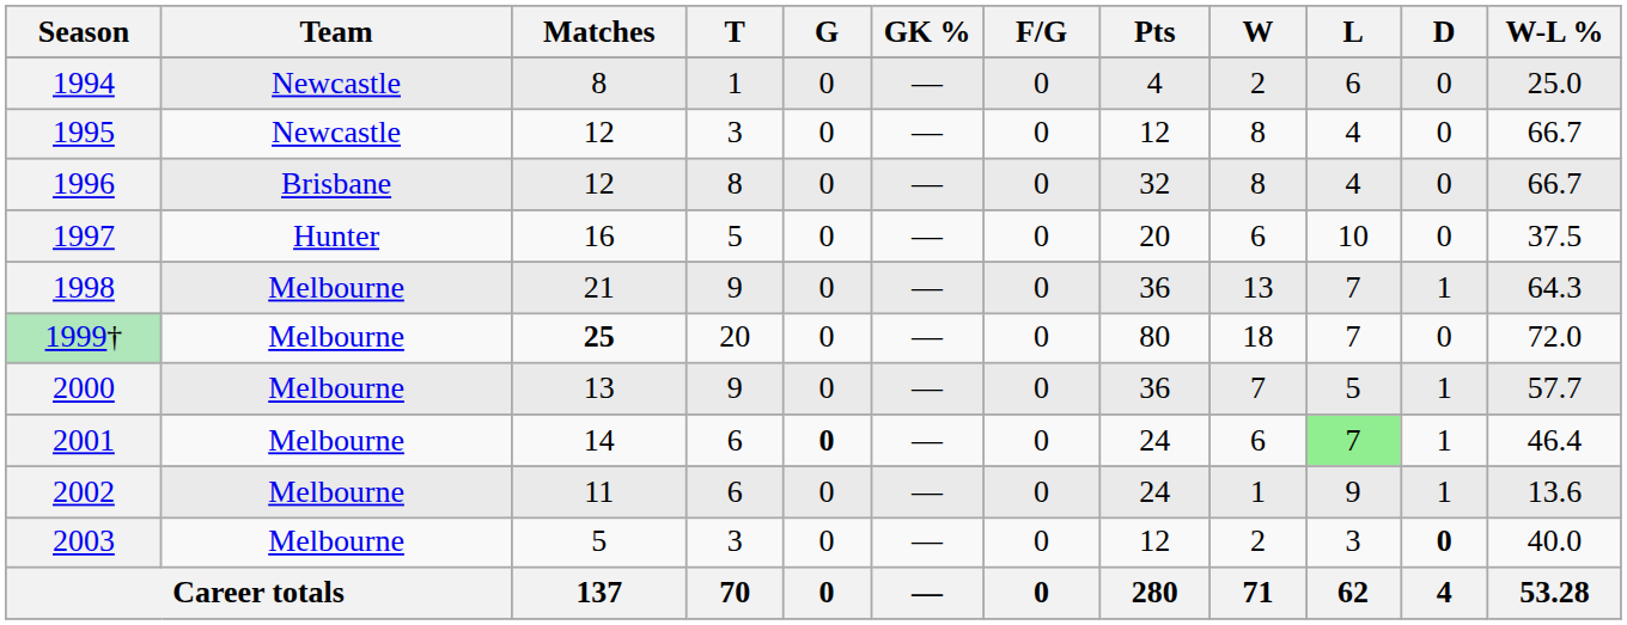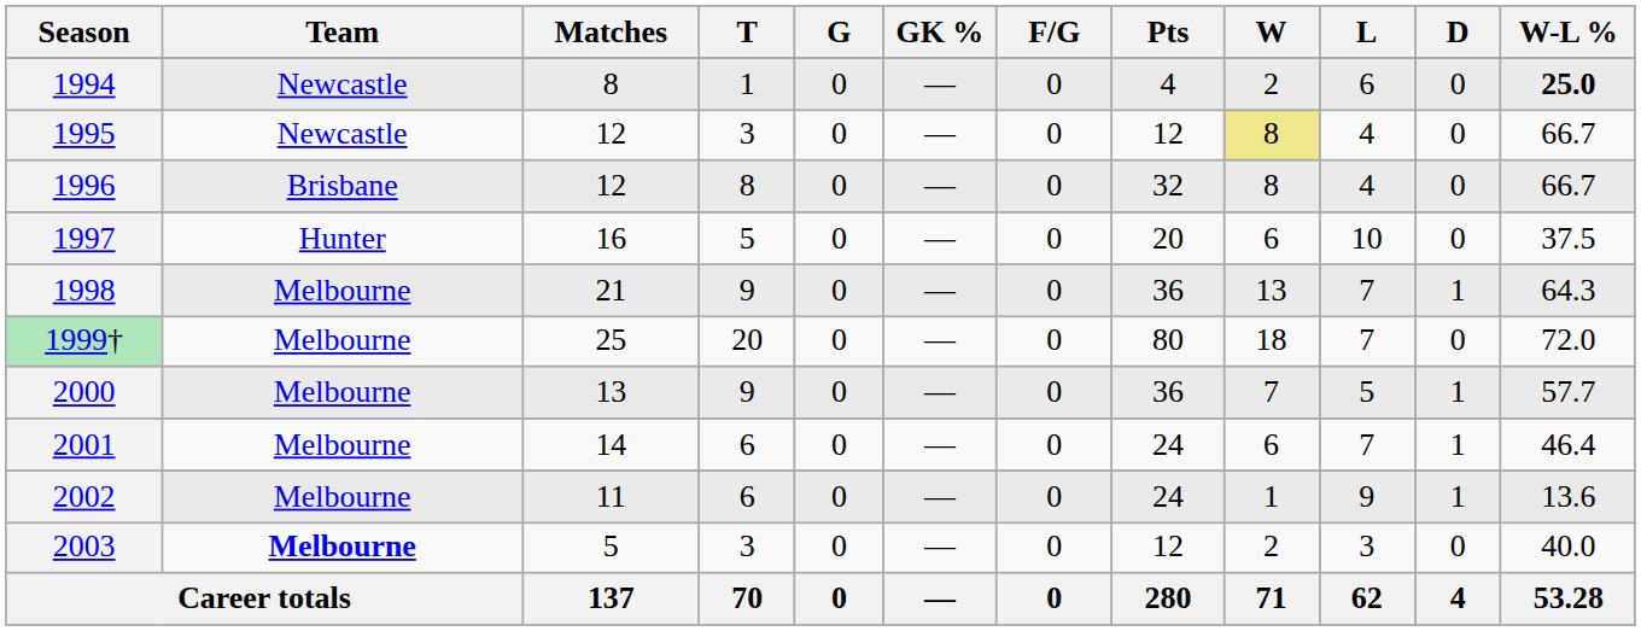 <table class="wikitable sortable"  style="font-size:90%; text-align:center; width:85%;">
 <tr>
 <th width=2%>Season</th>
 <th width=8%>Team</th>
 <th width=2%>Matches</th>
 <th width=2%>T</th>
 <th width=2%>G</th>
 <th width=2%>GK %</th>
 <th width=2%>F/G</th>
 <th width=2%>Pts</th>
 <th width=2%>W</th>
 <th width=2%>L</th>
 <th width=2%>D</th>
 <th width=2%>W-L %</th>
 </tr>
 <tr>
 </tr>
 <tr style="background-color: #EAEAEA">
 <th scope="row" style="text-align:center; font-weight:normal"><a href='#'>1994</a></th>
 <td style="text-align:center;"><a href='#'>Newcastle</a></td>
 <td>8</td>
 <td>1</td>
 <td>0</td>
 <td>—</td>
 <td>0</td>
 <td>4</td>
 <td>2</td>
 <td>6</td>
 <td>0</td>
-<td>25.0</td>
+<td><strong>25.0</strong></td>
 </tr>
 <tr>
 <th scope="row" style="text-align:center; font-weight:normal"><a href='#'>1995</a></th>
 <td style="text-align:center;"><a href='#'>Newcastle</a></td>
 <td>12</td>
 <td>3</td>
 <td>0</td>
 <td>—</td>
 <td>0</td>
 <td>12</td>
-<td>8</td>
+<td style="background: khaki;">8</td>
 <td>4</td>
 <td>0</td>
 <td>66.7</td>
 </tr>
 <tr style="background-color: #EAEAEA">
 <th scope="row" style="text-align:center; font-weight:normal"><a href='#'>1996</a></th>
 <td style="text-align:center;"><a href='#'>Brisbane</a></td>
 <td>12</td>
 <td>8</td>
 <td>0</td>
 <td>—</td>
 <td>0</td>
 <td>32</td>
 <td>8</td>
 <td>4</td>
 <td>0</td>
 <td>66.7</td>
 </tr>
 <tr>
 <th scope="row" style="text-align:center; font-weight:normal"><a href='#'>1997</a></th>
 <td style="text-align:center;"><a href='#'>Hunter</a></td>
 <td>16</td>
 <td>5</td>
 <td>0</td>
 <td>—</td>
 <td>0</td>
 <td>20</td>
 <td>6</td>
 <td>10</td>
 <td>0</td>
 <td>37.5</td>
 </tr>
 <tr style="background-color: #EAEAEA">
 <th scope="row" style="text-align:center; font-weight:normal"><a href='#'>1998</a></th>
 <td style="text-align:center;"><a href='#'>Melbourne</a></td>
 <td>21</td>
 <td>9</td>
 <td>0</td>
 <td>—</td>
 <td>0</td>
 <td>36</td>
 <td>13</td>
 <td>7</td>
 <td>1</td>
 <td>64.3</td>
 </tr>
 <tr>
 <th scope="row" style="text-align:center; background:#afe6ba; font-weight:normal"><a href='#'>1999</a>†</th>
 <td style="text-align:center;"><a href='#'>Melbourne</a></td>
-<td><strong>25</strong></td>
+<td>25</td>
 <td>20</td>
 <td>0</td>
 <td>—</td>
 <td>0</td>
 <td>80</td>
 <td>18</td>
 <td>7</td>
 <td>0</td>
 <td>72.0</td>
 </tr>
 <tr style="background-color: #EAEAEA">
 <th scope="row" style="text-align:center; font-weight:normal"><a href='#'>2000</a></th>
 <td style="text-align:center;"><a href='#'>Melbourne</a></td>
 <td>13</td>
 <td>9</td>
 <td>0</td>
 <td>—</td>
 <td>0</td>
 <td>36</td>
 <td>7</td>
 <td>5</td>
 <td>1</td>
 <td>57.7</td>
 </tr>
 <tr>
 <th scope="row" style="text-align:center; font-weight:normal"><a href='#'>2001</a></th>
 <td style="text-align:center;"><a href='#'>Melbourne</a></td>
 <td>14</td>
 <td>6</td>
-<td><strong>0</strong></td>
+<td>0</td>
 <td>—</td>
 <td>0</td>
 <td>24</td>
 <td>6</td>
-<td style="background: lightgreen;">7</td>
+<td>7</td>
 <td>1</td>
 <td>46.4</td>
 </tr>
 <tr style="background-color: #EAEAEA">
 <th scope="row" style="text-align:center; font-weight:normal"><a href='#'>2002</a></th>
 <td style="text-align:center;"><a href='#'>Melbourne</a></td>
 <td>11</td>
 <td>6</td>
 <td>0</td>
 <td>—</td>
 <td>0</td>
 <td>24</td>
 <td>1</td>
 <td>9</td>
 <td>1</td>
 <td>13.6</td>
 </tr>
 <tr>
 <th scope="row" style="text-align:center; font-weight:normal"><a href='#'>2003</a></th>
-<td style="text-align:center;"><a href='#'>Melbourne</a></td>
+<td style="text-align:center;"><strong><a href='#'>Melbourne</a></strong></td>
 <td>5</td>
 <td>3</td>
 <td>0</td>
 <td>—</td>
 <td>0</td>
 <td>12</td>
 <td>2</td>
 <td>3</td>
-<td><strong>0</strong></td>
+<td>0</td>
 <td>40.0</td>
 </tr>
 <tr class="sortbottom">
 <th colspan=2>Career totals</th>
 <th>137</th>
 <th>70</th>
 <th>0</th>
 <th>—</th>
 <th>0</th>
 <th>280</th>
 <th>71</th>
 <th>62</th>
 <th>4</th>
 <th>53.28</th>
 </tr>
 </table>
